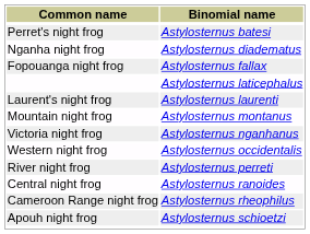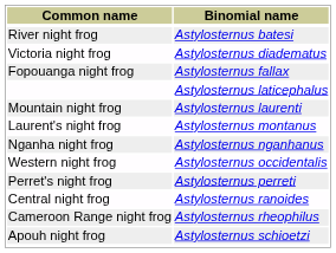 <table style="text-align:left; border:1px solid #999999; "eeddedeeededdeeeee>
 <tr style="background:#CCCC99; text-align: center; ">
 <th>Common name</th>
 <th>Binomial name</th>
 </tr>
 <tr>
 </tr>
 <tr style="background:#EEEEEE;">
-<td>Perret's night frog</td>
+<td>River night frog</td>
 <td><em><a href='#'>Astylosternus batesi</a></em> </td>
 </tr>
 <tr style="background:#FFFDFF;">
-<td>Nganha night frog</td>
+<td>Victoria night frog</td>
 <td><em><a href='#'>Astylosternus diadematus</a></em> </td>
 </tr>
 <tr style="background:#EEEEEE;">
 <td>Fopouanga night frog</td>
 <td><em><a href='#'>Astylosternus fallax</a></em> </td>
 </tr>
 <tr style="background:#FFFDFF;">
 <td></td>
 <td><em><a href='#'>Astylosternus laticephalus</a></em> </td>
 </tr>
 <tr style="background:#EEEEEE;">
-<td>Laurent's night frog</td>
+<td>Mountain night frog</td>
 <td><em><a href='#'>Astylosternus laurenti</a></em> </td>
 </tr>
 <tr style="background:#FFFDFF;">
-<td>Mountain night frog</td>
+<td>Laurent's night frog</td>
 <td><em><a href='#'>Astylosternus montanus</a></em> </td>
 </tr>
 <tr style="background:#EEEEEE;">
-<td>Victoria night frog</td>
+<td>Nganha night frog</td>
 <td><em><a href='#'>Astylosternus nganhanus</a></em> </td>
 </tr>
 <tr style="background:#FFFDFF;">
 <td>Western night frog</td>
 <td><em><a href='#'>Astylosternus occidentalis</a></em> </td>
 </tr>
 <tr style="background:#EEEEEE;">
-<td>River night frog</td>
+<td>Perret's night frog</td>
 <td><em><a href='#'>Astylosternus perreti</a></em> </td>
 </tr>
 <tr style="background:#FFFDFF;">
 <td>Central night frog</td>
 <td><em><a href='#'>Astylosternus ranoides</a></em> </td>
 </tr>
 <tr style="background:#EEEEEE;">
 <td>Cameroon Range night frog</td>
 <td><em><a href='#'>Astylosternus rheophilus</a></em> </td>
 </tr>
 <tr style="background:#EEEEEE;">
 <td>Apouh night frog</td>
 <td><em><a href='#'>Astylosternus schioetzi</a></em> </td>
 </tr>
 <tr>
 </tr>
 </table>
